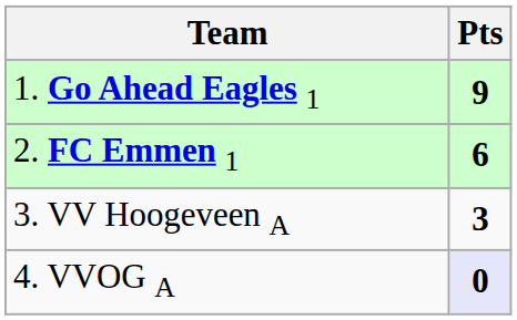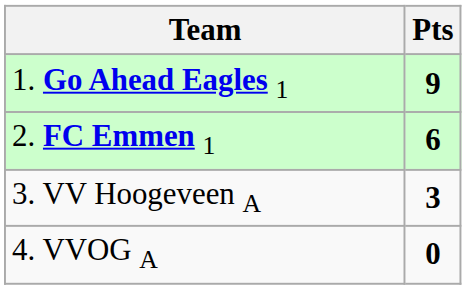 <table class="wikitable" style="text-align:center; float:left; margin-right:1em">
 <tr>
 <th style="width:200px">Team</th>
 <th width=20>Pts</th>
 </tr>
 <tr bgcolor=ccffcc>
 <td align=left>1. <strong><a href='#'>Go Ahead Eagles</a></strong> <sub>1</sub></td>
 <td><strong>9</strong></td>
 </tr>
 <tr bgcolor=ccffcc>
 <td align=left>2. <strong><a href='#'>FC Emmen</a></strong> <sub>1</sub></td>
 <td><strong>6</strong></td>
 </tr>
 <tr>
 <td align=left>3. VV Hoogeveen <sub>A</sub></td>
 <td><strong>3</strong></td>
 </tr>
 <tr>
 <td align=left>4. VVOG <sub>A</sub></td>
-<td style="background: lavender;"><strong>0</strong></td>
+<td><strong>0</strong></td>
 </tr>
 </table>
